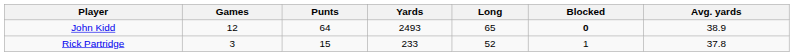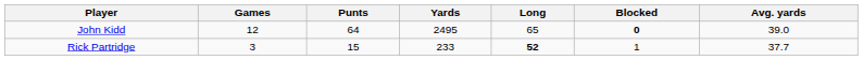 <table class="wikitable" style="width:80%;">
 <tr>
 <th>Player</th>
 <th>Games</th>
 <th>Punts</th>
 <th>Yards</th>
 <th>Long</th>
 <th>Blocked</th>
 <th>Avg. yards</th>
 </tr>
 <tr style="text-align:center;" bgcolor="">
 <td><a href='#'>John Kidd</a></td>
 <td>12</td>
 <td>64</td>
-<td>2493</td>
+<td>2495</td>
 <td>65</td>
 <td><strong>0</strong></td>
-<td>38.9</td>
+<td>39.0</td>
 </tr>
 <tr style="text-align:center;" bgcolor="">
 <td><a href='#'>Rick Partridge</a></td>
 <td>3</td>
 <td>15</td>
 <td>233</td>
-<td>52</td>
+<td><strong>52</strong></td>
 <td>1</td>
-<td>37.8</td>
+<td>37.7</td>
 </tr>
 </table>
